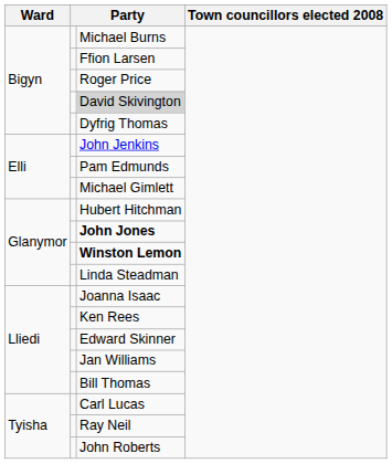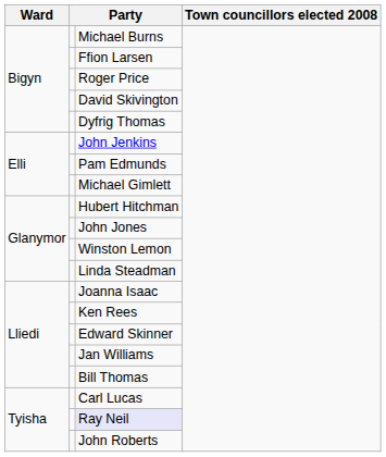 <table class="wikitable">
 <tr>
 <th>Ward</th>
 <th colspan=2>Party</th>
 <th>Town councillors elected 2008</th>
 </tr>
 <tr>
 <td rowspan="5">Bigyn</td>
 <td></td>
 <td>Michael Burns</td>
 </tr>
 <tr>
 <td></td>
 <td>Ffion Larsen</td>
 </tr>
 <tr>
 <td></td>
 <td>Roger Price</td>
 </tr>
 <tr>
 <td></td>
-<td style="background: lightgrey;">David Skivington</td>
+<td>David Skivington</td>
 </tr>
 <tr>
 <td></td>
 <td>Dyfrig Thomas</td>
 </tr>
 <tr>
 <td rowspan="3">Elli</td>
 <td></td>
 <td><a href='#'>John Jenkins</a></td>
 </tr>
 <tr>
 <td></td>
 <td>Pam Edmunds</td>
 </tr>
 <tr>
 <td></td>
 <td>Michael Gimlett</td>
 </tr>
 <tr>
 <td rowspan="4">Glanymor</td>
 <td></td>
 <td>Hubert Hitchman</td>
 </tr>
 <tr>
 <td></td>
-<td><strong>John Jones</strong></td>
+<td>John Jones</td>
 </tr>
 <tr>
 <td></td>
-<td><strong>Winston Lemon</strong></td>
+<td>Winston Lemon</td>
 </tr>
 <tr>
 <td></td>
 <td>Linda Steadman</td>
 </tr>
 <tr>
 <td rowspan="5">Lliedi</td>
 <td></td>
 <td>Joanna Isaac</td>
 </tr>
 <tr>
 <td></td>
 <td>Ken Rees</td>
 </tr>
 <tr>
 <td></td>
 <td>Edward Skinner</td>
 </tr>
 <tr>
 <td></td>
 <td>Jan Williams</td>
 </tr>
 <tr>
 <td></td>
 <td>Bill Thomas</td>
 </tr>
 <tr>
 <td rowspan="3">Tyisha</td>
 <td></td>
 <td>Carl Lucas</td>
 </tr>
 <tr>
 <td></td>
-<td>Ray Neil</td>
+<td style="background: lavender;">Ray Neil</td>
 </tr>
 <tr>
 <td></td>
 <td>John Roberts</td>
 </tr>
 </table>
